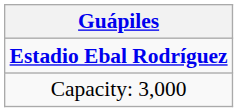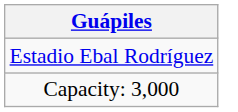 <table class="wikitable">
 <tr>
 <th><a href='#'>Guápiles</a></th>
 </tr>
 <tr align=center>
-<td><strong><a href='#'>Estadio Ebal Rodríguez</a></strong></td>
+<td><a href='#'>Estadio Ebal Rodríguez</a></td>
 </tr>
 <tr align=center>
 <td>Capacity: 3,000</td>
 </tr>
 </table>
